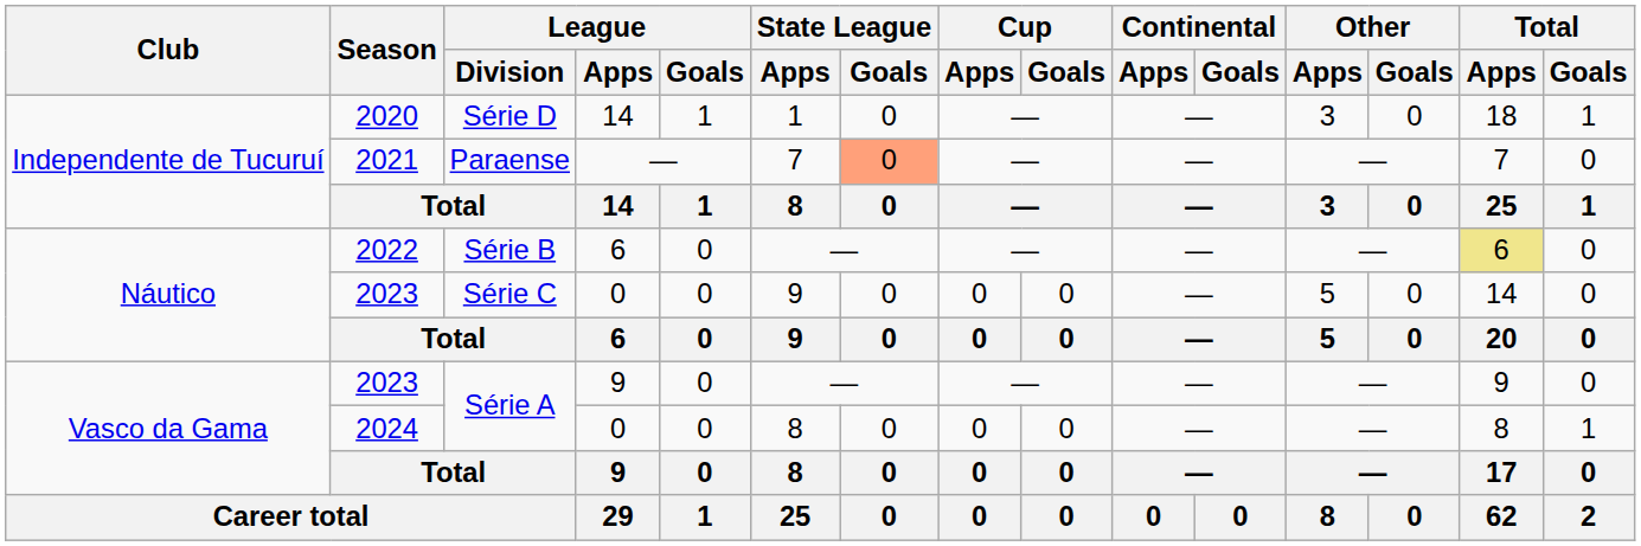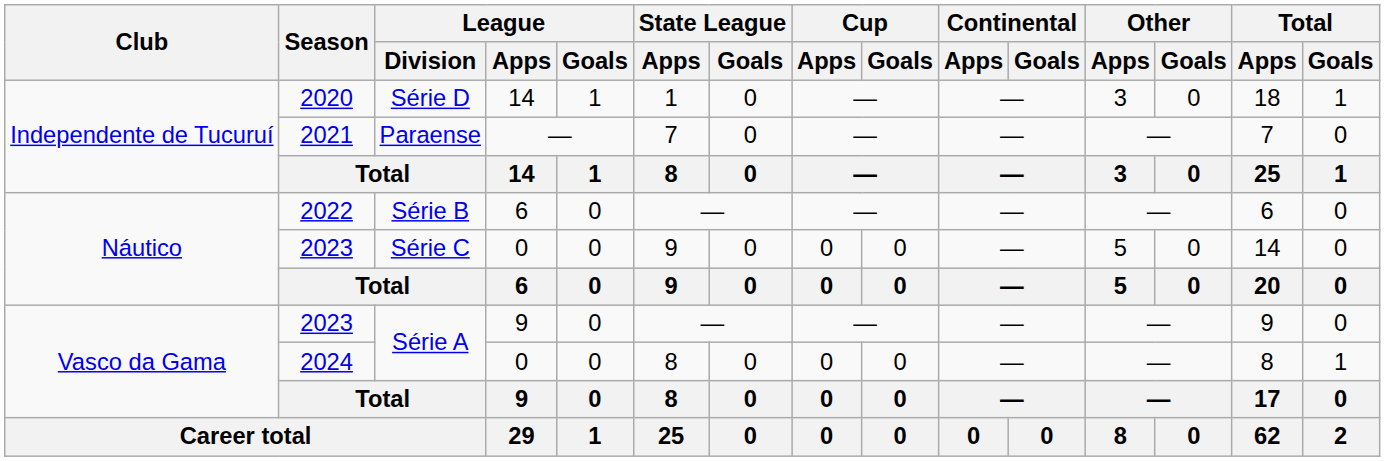 <table class="wikitable" style="text-align: center;">
 <tr>
 <th rowspan="2">Club</th>
 <th rowspan="2">Season</th>
 <th colspan="3">League</th>
 <th colspan="2">State League</th>
 <th colspan="2">Cup</th>
 <th colspan="2">Continental</th>
 <th colspan="2">Other</th>
 <th colspan="2">Total</th>
 </tr>
 <tr>
 <th>Division</th>
 <th>Apps</th>
 <th>Goals</th>
 <th>Apps</th>
 <th>Goals</th>
 <th>Apps</th>
 <th>Goals</th>
 <th>Apps</th>
 <th>Goals</th>
 <th>Apps</th>
 <th>Goals</th>
 <th>Apps</th>
 <th>Goals</th>
 </tr>
 <tr>
 <td rowspan="3" valign="center"><a href='#'>Independente de Tucuruí</a></td>
 <td><a href='#'>2020</a></td>
 <td><a href='#'>Série D</a></td>
 <td>14</td>
 <td>1</td>
 <td>1</td>
 <td>0</td>
 <td colspan="2">—</td>
 <td colspan="2">—</td>
 <td>3</td>
 <td>0</td>
 <td>18</td>
 <td>1</td>
 </tr>
 <tr>
 <td><a href='#'>2021</a></td>
 <td><a href='#'>Paraense</a></td>
 <td colspan="2">—</td>
 <td>7</td>
-<td style="background: lightsalmon;">0</td>
+<td>0</td>
 <td colspan="2">—</td>
 <td colspan="2">—</td>
 <td colspan="2">—</td>
 <td>7</td>
 <td>0</td>
 </tr>
 <tr>
 <th colspan="2">Total</th>
 <th>14</th>
 <th>1</th>
 <th>8</th>
 <th>0</th>
 <th colspan="2">—</th>
 <th colspan="2">—</th>
 <th>3</th>
 <th>0</th>
 <th>25</th>
 <th>1</th>
 </tr>
 <tr>
 <td rowspan="3" valign="center"><a href='#'>Náutico</a></td>
 <td><a href='#'>2022</a></td>
 <td><a href='#'>Série B</a></td>
 <td>6</td>
 <td>0</td>
 <td colspan="2">—</td>
 <td colspan="2">—</td>
 <td colspan="2">—</td>
 <td colspan="2">—</td>
-<td style="background: khaki;">6</td>
+<td>6</td>
 <td>0</td>
 </tr>
 <tr>
 <td><a href='#'>2023</a></td>
 <td><a href='#'>Série C</a></td>
 <td>0</td>
 <td>0</td>
 <td>9</td>
 <td>0</td>
 <td>0</td>
 <td>0</td>
 <td colspan="2">—</td>
 <td>5</td>
 <td>0</td>
 <td>14</td>
 <td>0</td>
 </tr>
 <tr>
 <th colspan="2">Total</th>
 <th>6</th>
 <th>0</th>
 <th>9</th>
 <th>0</th>
 <th>0</th>
 <th>0</th>
 <th colspan="2">—</th>
 <th>5</th>
 <th>0</th>
 <th>20</th>
 <th>0</th>
 </tr>
 <tr>
 <td rowspan="3" valign="center"><a href='#'>Vasco da Gama</a></td>
 <td><a href='#'>2023</a></td>
 <td rowspan="2"><a href='#'>Série A</a></td>
 <td>9</td>
 <td>0</td>
 <td colspan="2">—</td>
 <td colspan="2">—</td>
 <td colspan="2">—</td>
 <td colspan="2">—</td>
 <td>9</td>
 <td>0</td>
 </tr>
 <tr>
 <td><a href='#'>2024</a></td>
 <td>0</td>
 <td>0</td>
 <td>8</td>
 <td>0</td>
 <td>0</td>
 <td>0</td>
 <td colspan="2">—</td>
 <td colspan="2">—</td>
 <td>8</td>
 <td>1</td>
 </tr>
 <tr>
 <th colspan="2">Total</th>
 <th>9</th>
 <th>0</th>
 <th>8</th>
 <th>0</th>
 <th>0</th>
 <th>0</th>
 <th colspan="2">—</th>
 <th colspan="2">—</th>
 <th>17</th>
 <th>0</th>
 </tr>
 <tr>
 <th colspan="3"><strong>Career total</strong></th>
 <th>29</th>
 <th>1</th>
 <th>25</th>
 <th>0</th>
 <th>0</th>
 <th>0</th>
 <th>0</th>
 <th>0</th>
 <th>8</th>
 <th>0</th>
 <th>62</th>
 <th>2</th>
 </tr>
 </table>
